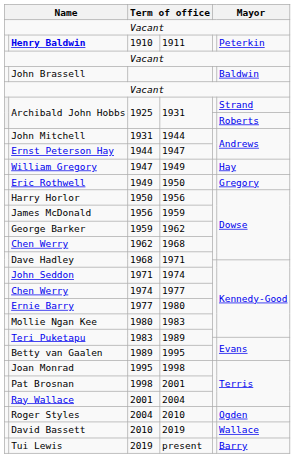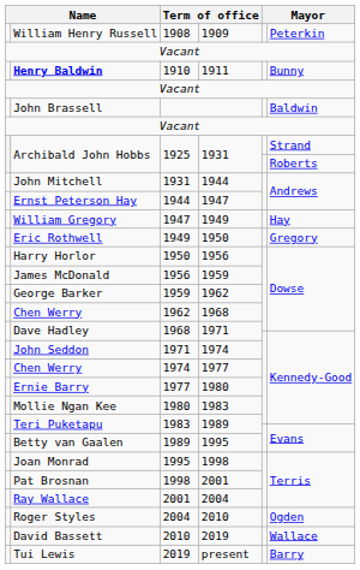 <table class="wikitable">
 <tr>
 <th colspan=2>Name</th>
 <th colspan=2>Term of office</th>
 <th colspan=2>Mayor</th>
+</tr>
+<tr>
+<td style="background:"></td>
+<td>William Henry Russell</td>
+<td>1908</td>
+<td>1909</td>
+<td style="background:"></td>
+<td><a href='#'>Peterkin</a></td>
 </tr>
 <tr>
 <td colspan="6" style="text-align:center;"><em>Vacant</em></td>
 </tr>
 <tr>
 <td style="background:"></td>
 <td><strong><a href='#'>Henry Baldwin</a></strong></td>
 <td>1910</td>
 <td>1911</td>
 <td style="background:"></td>
-<td><a href='#'>Peterkin</a></td>
+<td><a href='#'>Bunny</a></td>
 </tr>
 <tr>
 <td colspan="6" style="text-align:center;"><em>Vacant</em></td>
 </tr>
 <tr>
 <td style="background:"></td>
 <td>John Brassell</td>
 <td colspan="2"></td>
 <td style="background:"></td>
 <td><a href='#'>Baldwin</a></td>
 </tr>
 <tr>
 <td colspan="6" style="text-align:center;"><em>Vacant</em></td>
 </tr>
 <tr>
 <th rowspan="2" style="background:"></th>
 <td rowspan="2">Archibald John Hobbs</td>
 <td rowspan="2">1925</td>
 <td rowspan="2">1931</td>
 <td style="background:"></td>
 <td><a href='#'>Strand</a></td>
 </tr>
 <tr>
 <td style="background:"></td>
 <td><a href='#'>Roberts</a></td>
 </tr>
 <tr>
 <td style="background:"></td>
 <td>John Mitchell</td>
 <td>1931</td>
 <td>1944</td>
 <td rowspan=2 style="background:"></td>
 <td rowspan=2><a href='#'>Andrews</a></td>
 </tr>
 <tr>
 <td style="background:"></td>
 <td><a href='#'>Ernst Peterson Hay</a></td>
 <td>1944</td>
 <td>1947</td>
 </tr>
 <tr>
 <td style="background:"></td>
 <td><a href='#'>William Gregory</a></td>
 <td>1947</td>
 <td>1949</td>
 <td style="background:"></td>
 <td><a href='#'>Hay</a></td>
 </tr>
 <tr>
 <td style="background:"></td>
 <td><a href='#'>Eric Rothwell</a></td>
 <td>1949</td>
 <td>1950</td>
 <td style="background:"></td>
 <td><a href='#'>Gregory</a></td>
 </tr>
 <tr>
 <td style="background:"></td>
 <td>Harry Horlor</td>
 <td>1950</td>
 <td>1956</td>
 <td rowspan=5 style="background:"></td>
 <td rowspan=5><a href='#'>Dowse</a></td>
 </tr>
 <tr>
 <td style="background:"></td>
 <td>James McDonald</td>
 <td>1956</td>
 <td>1959</td>
 </tr>
 <tr>
 <td style="background:"></td>
 <td>George Barker</td>
 <td>1959</td>
 <td>1962</td>
 </tr>
 <tr>
 <td style="background:"></td>
 <td><a href='#'>Chen Werry</a></td>
 <td>1962</td>
 <td>1968</td>
 </tr>
 <tr>
 <td height=5 style="border-bottom:solid 0 grey; background:"></td>
 <td rowspan="2">Dave Hadley</td>
 <td rowspan="2">1968</td>
 <td rowspan="2">1971</td>
 </tr>
 <tr>
 <td height=5 style="border-top:solid 0 grey; background:"></td>
 <td rowspan=6 style="background:"></td>
 <td rowspan=6><a href='#'>Kennedy-Good</a></td>
 </tr>
 <tr>
 <td style="background:"></td>
 <td><a href='#'>John Seddon</a></td>
 <td>1971</td>
 <td>1974</td>
 </tr>
 <tr>
 <td style="background:"></td>
 <td><a href='#'>Chen Werry</a></td>
 <td>1974</td>
 <td>1977</td>
 </tr>
 <tr>
 <td style="background:"></td>
 <td><a href='#'>Ernie Barry</a></td>
 <td>1977</td>
 <td>1980</td>
 </tr>
 <tr>
 <td style="background:"></td>
 <td>Mollie Ngan Kee</td>
 <td>1980</td>
 <td>1983</td>
 </tr>
 <tr>
 <td height=5 style="border-bottom:solid 0 grey; background:"></td>
 <td rowspan="2"><a href='#'>Teri Puketapu</a></td>
 <td rowspan="2">1983</td>
 <td rowspan="2">1989</td>
 </tr>
 <tr>
 <td height=5 style="border-top:solid 0 grey; background:"></td>
 <td rowspan=2 style="background:"></td>
 <td rowspan=2><a href='#'>Evans</a></td>
 </tr>
 <tr>
 <td style="background:"></td>
 <td>Betty van Gaalen</td>
 <td>1989</td>
 <td>1995</td>
 </tr>
 <tr>
 <td style="background:"></td>
 <td>Joan Monrad</td>
 <td>1995</td>
 <td>1998</td>
 <td rowspan=3 style="background:"></td>
 <td rowspan=3><a href='#'>Terris</a></td>
 </tr>
 <tr>
 <td style="background:"></td>
 <td>Pat Brosnan</td>
 <td>1998</td>
 <td>2001</td>
 </tr>
 <tr>
 <td style="background:"></td>
 <td><a href='#'>Ray Wallace</a></td>
 <td>2001</td>
 <td>2004</td>
 </tr>
 <tr>
 <td style="background:"></td>
 <td>Roger Styles</td>
 <td>2004</td>
 <td>2010</td>
 <td style="background:"></td>
 <td><a href='#'>Ogden</a></td>
 </tr>
 <tr>
 <td style="background:"></td>
 <td>David Bassett</td>
 <td>2010</td>
 <td>2019</td>
 <td style="background:"></td>
 <td><a href='#'>Wallace</a></td>
 </tr>
 <tr>
 <td style="background:"></td>
 <td>Tui Lewis</td>
 <td>2019</td>
 <td>present</td>
 <td style="background:"></td>
 <td><a href='#'>Barry</a></td>
 </tr>
 </table>
